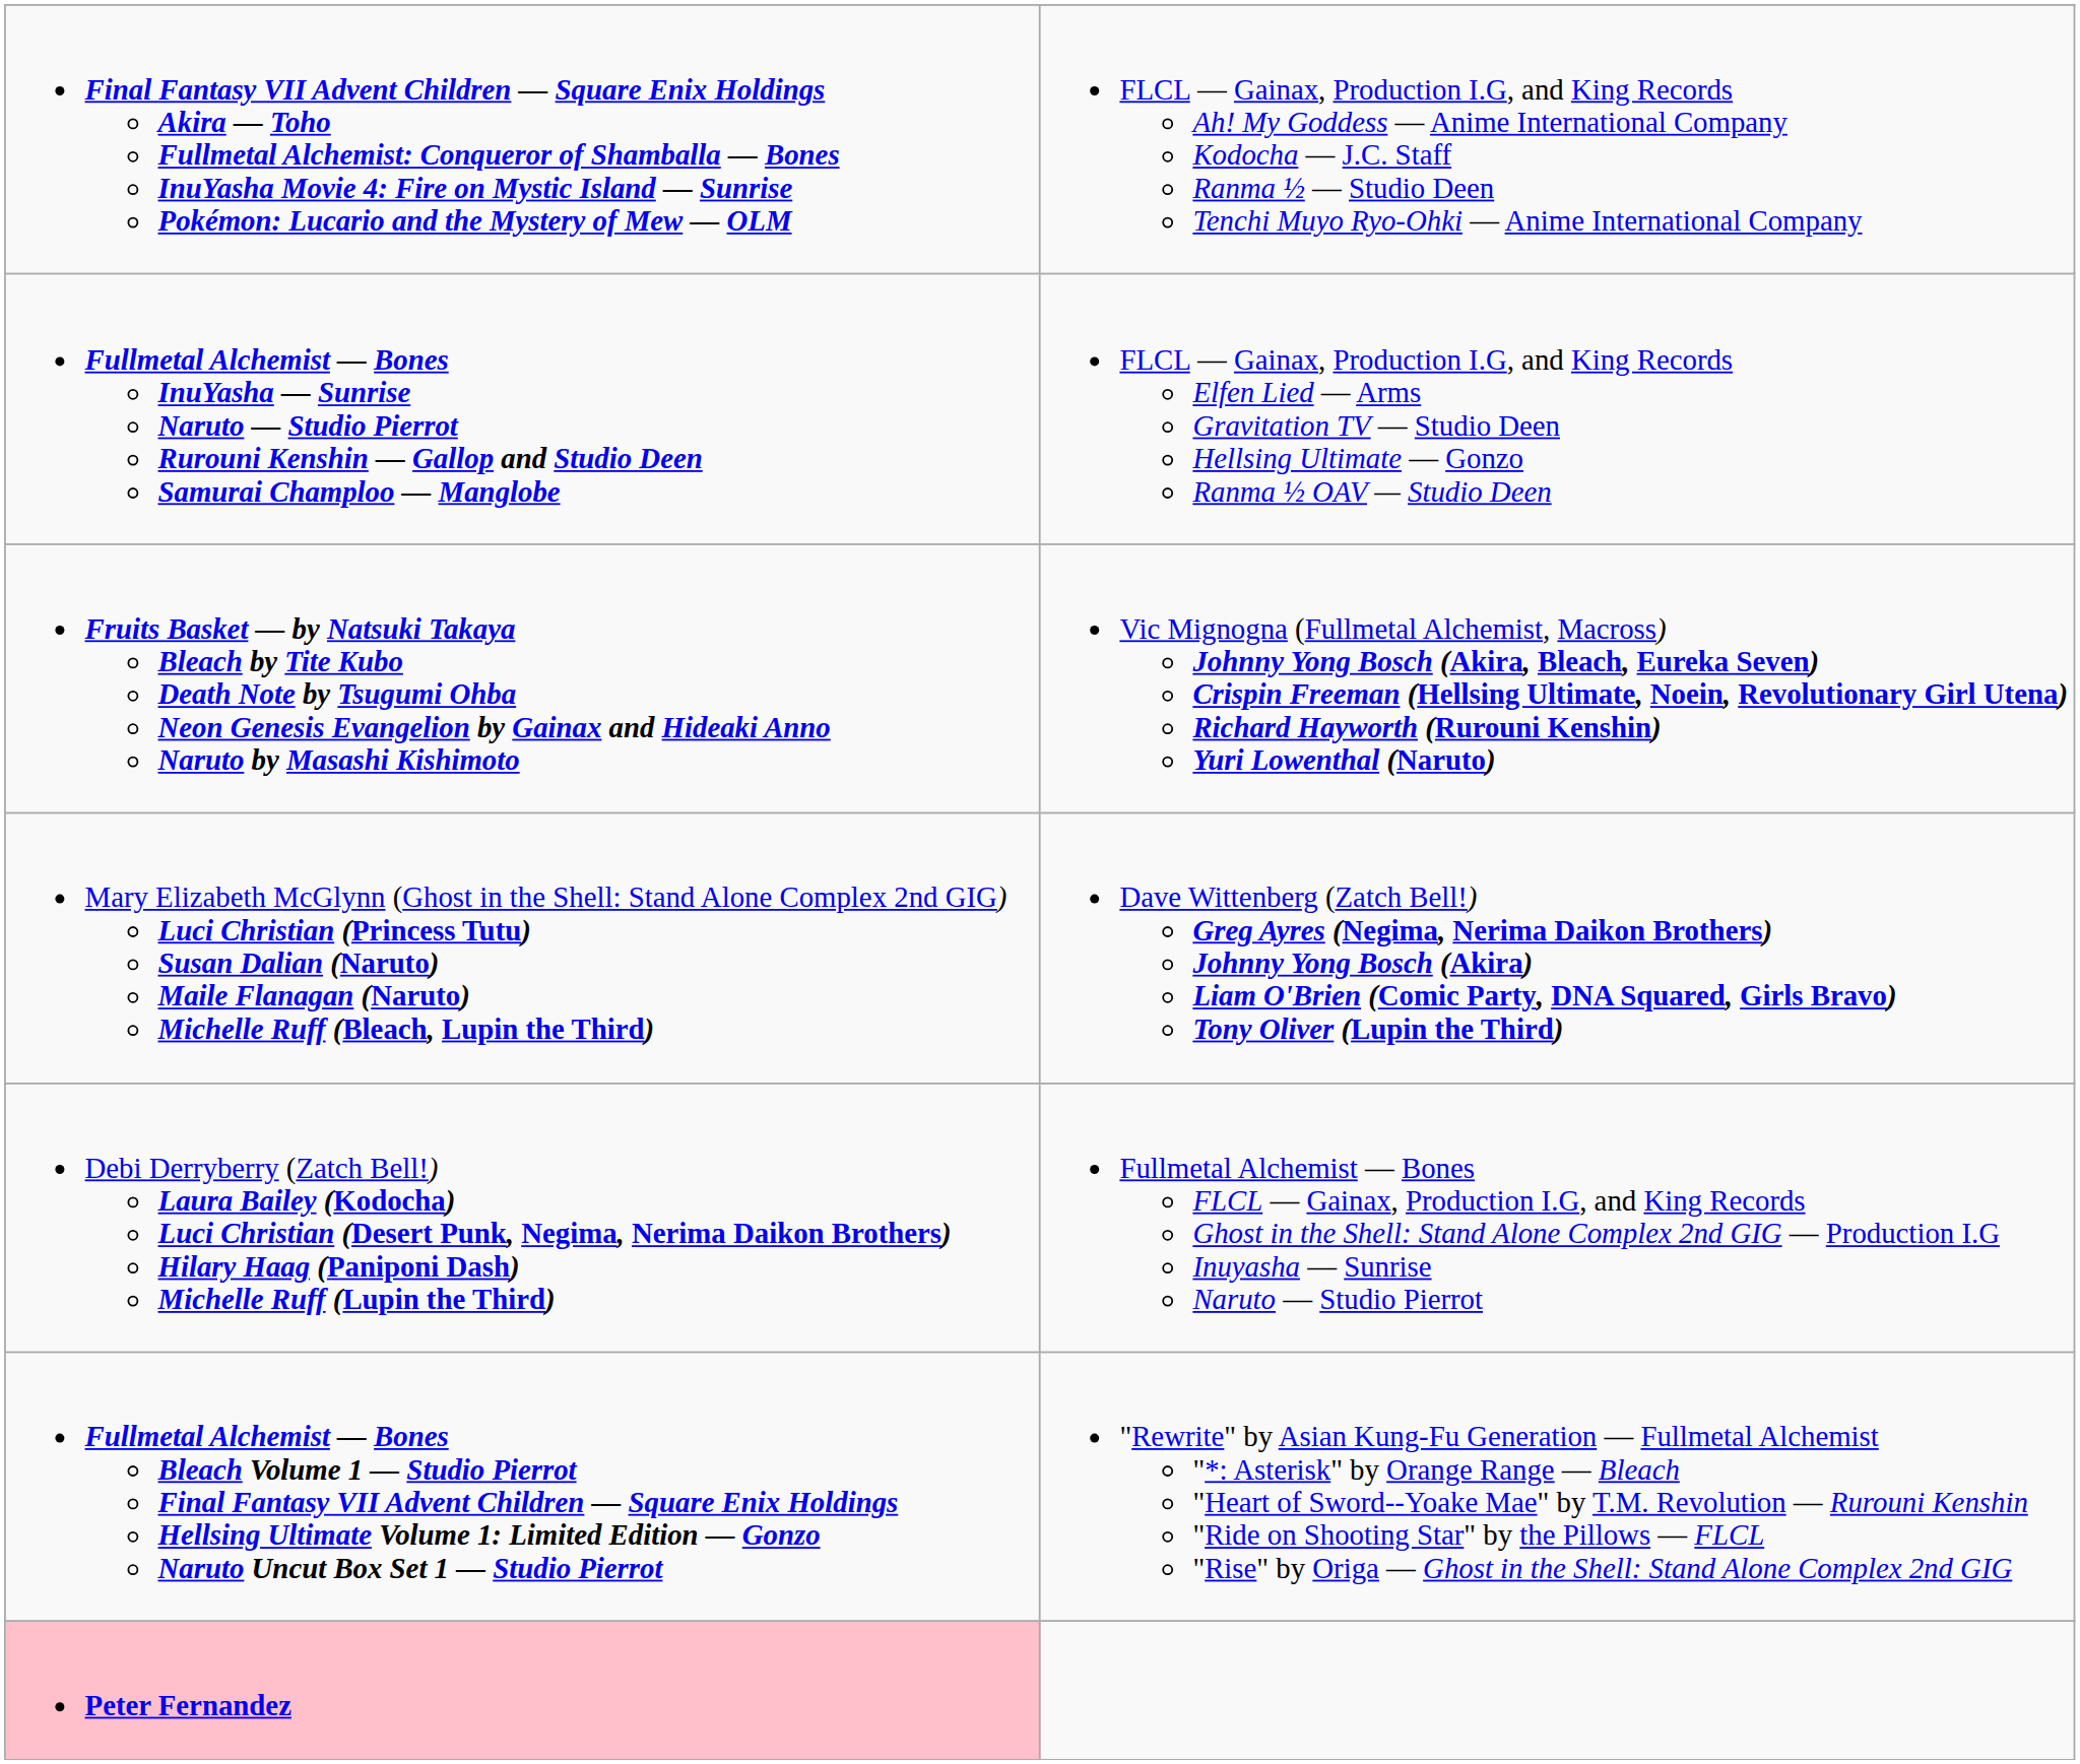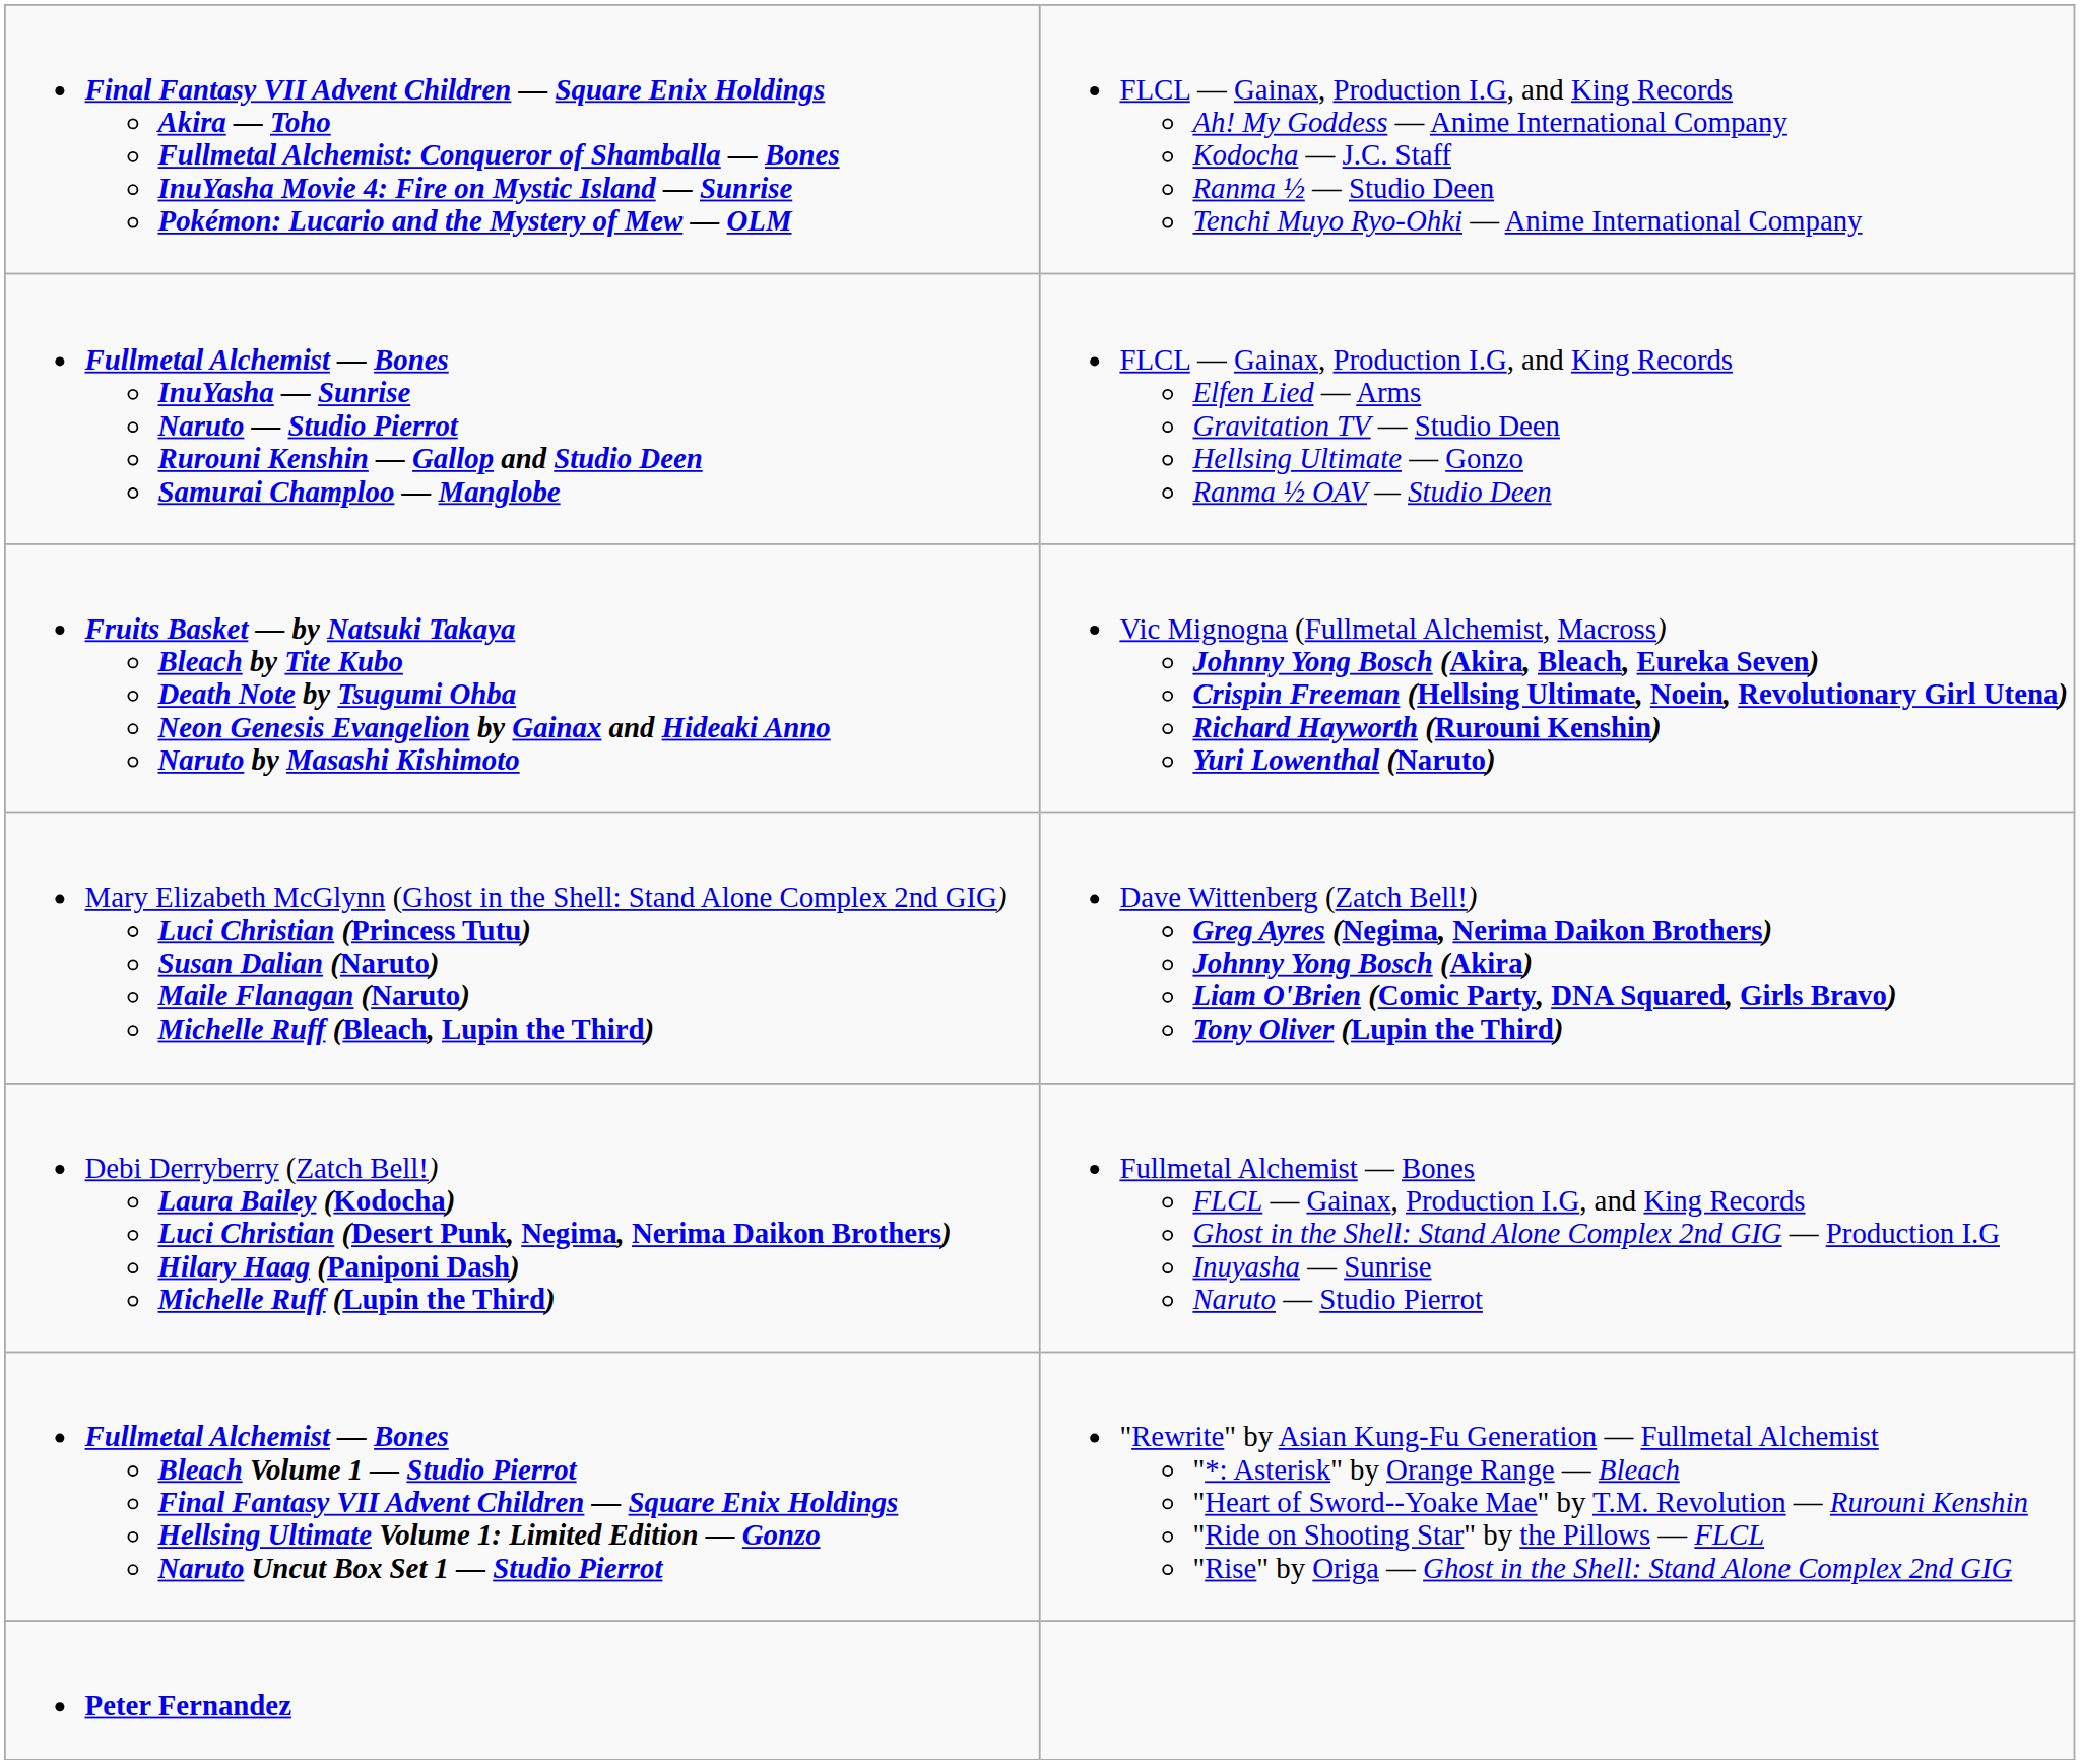 <table class="wikitable">
 <tr>
 <td style="vertical-align:top; width:50%;"><br><ul><li><strong><em><a href='#'>Final Fantasy VII Advent Children</a> <em> — <a href='#'>Square Enix Holdings</a><strong><ul><li></em><a href='#'>Akira</a><em> — <a href='#'>Toho</a></li><li></em><a href='#'>Fullmetal Alchemist: Conqueror of Shamballa</a><em> — <a href='#'>Bones</a></li><li></em><a href='#'>InuYasha Movie 4: Fire on Mystic Island</a><em> — <a href='#'>Sunrise</a></li><li></em><a href='#'>Pokémon: Lucario and the Mystery of Mew</a><em> — <a href='#'>OLM</a></li></ul></li></ul></td>
 <td style="vertical-align:top; width:50%;"><br><ul><li></em></strong><a href='#'>FLCL</a> </em> — <a href='#'>Gainax</a>, <a href='#'>Production I.G</a>, and <a href='#'>King Records</a></strong><ul><li><em><a href='#'>Ah! My Goddess</a></em> — <a href='#'>Anime International Company</a></li><li><em><a href='#'>Kodocha</a></em> — <a href='#'>J.C. Staff</a></li><li><em><a href='#'>Ranma ½</a></em> — <a href='#'>Studio Deen</a></li><li><em><a href='#'>Tenchi Muyo Ryo-Ohki</a></em> — <a href='#'>Anime International Company</a></li></ul></li></ul></td>
 </tr>
 <tr>
 <td style="vertical-align:top; width:50%;"><br><ul><li><strong><em><a href='#'>Fullmetal Alchemist</a><em> — <a href='#'>Bones</a><strong><ul><li></em><a href='#'>InuYasha</a><em> — <a href='#'>Sunrise</a></li><li></em><a href='#'>Naruto</a><em> — <a href='#'>Studio Pierrot</a></li><li></em><a href='#'>Rurouni Kenshin</a><em> — <a href='#'>Gallop</a> and <a href='#'>Studio Deen</a></li><li></em><a href='#'>Samurai Champloo</a><em> — <a href='#'>Manglobe</a></li></ul></li></ul></td>
 <td style="vertical-align:top; width:50%;"><br><ul><li></em></strong><a href='#'>FLCL</a></em> — <a href='#'>Gainax</a>, <a href='#'>Production I.G</a>, and <a href='#'>King Records</a></strong><ul><li><em><a href='#'>Elfen Lied</a></em> — <a href='#'>Arms</a></li><li><em><a href='#'>Gravitation TV</a></em> — <a href='#'>Studio Deen</a></li><li><em><a href='#'>Hellsing Ultimate</a></em> — <a href='#'>Gonzo</a></li><li><em><a href='#'>Ranma ½ OAV</a> — <a href='#'>Studio Deen</a></em></li></ul></li></ul></td>
 </tr>
 <tr>
 <td style="vertical-align:top; width:50%;"><br><ul><li><strong><em><a href='#'>Fruits Basket</a><em> — by <a href='#'>Natsuki Takaya</a><strong><ul><li></em><a href='#'>Bleach</a><em> by <a href='#'>Tite Kubo</a></li><li></em><a href='#'>Death Note</a><em> by <a href='#'>Tsugumi Ohba</a></li><li></em><a href='#'>Neon Genesis Evangelion</a><em> by <a href='#'>Gainax</a> and <a href='#'>Hideaki Anno</a></li><li></em><a href='#'>Naruto</a><em> by <a href='#'>Masashi Kishimoto</a></li></ul></li></ul></td>
 <td style="vertical-align:top; width:50%;"><br><ul><li></strong><a href='#'>Vic Mignogna</a> (</em><a href='#'>Fullmetal Alchemist</a><em>, </em><a href='#'>Macross</a><em>)<strong><ul><li><a href='#'>Johnny Yong Bosch</a> (</em><a href='#'>Akira</a><em>, </em><a href='#'>Bleach</a><em>, </em><a href='#'>Eureka Seven</a><em>)</li><li><a href='#'>Crispin Freeman</a> (</em><a href='#'>Hellsing Ultimate</a><em>, </em><a href='#'>Noein</a><em>, </em><a href='#'>Revolutionary Girl Utena</a><em>)</li><li><a href='#'>Richard Hayworth</a> (</em><a href='#'>Rurouni Kenshin</a><em>)</li><li><a href='#'>Yuri Lowenthal</a> (</em><a href='#'>Naruto</a><em>)</li></ul></li></ul></td>
 </tr>
 <tr>
 <td style="vertical-align:top; width:50%;"><br><ul><li></strong><a href='#'>Mary Elizabeth McGlynn</a> (</em><a href='#'>Ghost in the Shell: Stand Alone Complex 2nd GIG</a><em>)<strong><ul><li><a href='#'>Luci Christian</a> (</em><a href='#'>Princess Tutu</a><em>)</li><li><a href='#'>Susan Dalian</a> (</em><a href='#'>Naruto</a><em>)</li><li><a href='#'>Maile Flanagan</a> (</em><a href='#'>Naruto</a><em>)</li><li><a href='#'>Michelle Ruff</a> (</em><a href='#'>Bleach</a><em>, </em><a href='#'>Lupin the Third</a><em>)</li></ul></li></ul></td>
 <td style="vertical-align:top; width:50%;"><br><ul><li></strong><a href='#'>Dave Wittenberg</a> (</em><a href='#'>Zatch Bell!</a><em>)<strong><ul><li><a href='#'>Greg Ayres</a> (</em><a href='#'>Negima</a><em>, </em><a href='#'>Nerima Daikon Brothers</a><em>)</li><li><a href='#'>Johnny Yong Bosch</a> (</em><a href='#'>Akira</a><em>)</li><li><a href='#'>Liam O'Brien</a> (</em><a href='#'>Comic Party</a><em>, </em><a href='#'>DNA Squared</a><em>, </em><a href='#'>Girls Bravo</a><em>)</li><li><a href='#'>Tony Oliver</a> (</em><a href='#'>Lupin the Third</a><em>)</li></ul></li></ul></td>
 </tr>
 <tr>
 <td style="vertical-align:top; width:50%;"><br><ul><li></strong><a href='#'>Debi Derryberry</a> (</em><a href='#'>Zatch Bell!</a><em>)<strong><ul><li><a href='#'>Laura Bailey</a> (</em><a href='#'>Kodocha</a><em>)</li><li><a href='#'>Luci Christian</a> (</em><a href='#'>Desert Punk</a><em>, </em><a href='#'>Negima</a><em>, </em><a href='#'>Nerima Daikon Brothers</a><em>)</li><li><a href='#'>Hilary Haag</a> (</em><a href='#'>Paniponi Dash</a><em>)</li><li><a href='#'>Michelle Ruff</a> (</em><a href='#'>Lupin the Third</a><em>)</li></ul></li></ul></td>
 <td style="vertical-align:top; width:50%;"><br><ul><li></em></strong><a href='#'>Fullmetal Alchemist</a></em> — <a href='#'>Bones</a></strong><ul><li><em><a href='#'>FLCL</a></em> — <a href='#'>Gainax</a>, <a href='#'>Production I.G</a>, and <a href='#'>King Records</a></li><li><em><a href='#'>Ghost in the Shell: Stand Alone Complex 2nd GIG</a></em> — <a href='#'>Production I.G</a></li><li><em><a href='#'>Inuyasha</a></em> — <a href='#'>Sunrise</a></li><li><em><a href='#'>Naruto</a></em> — <a href='#'>Studio Pierrot</a></li></ul></li></ul></td>
 </tr>
 <tr>
 <td style="vertical-align:top; width:50%;"><br><ul><li><strong><em><a href='#'>Fullmetal Alchemist</a><em> — <a href='#'>Bones</a><strong><ul><li></em><a href='#'>Bleach</a><em> Volume 1 — <a href='#'>Studio Pierrot</a></li><li></em><a href='#'>Final Fantasy VII Advent Children</a><em> — <a href='#'>Square Enix Holdings</a></li><li></em><a href='#'>Hellsing Ultimate</a><em> Volume 1: Limited Edition — <a href='#'>Gonzo</a></li><li></em><a href='#'>Naruto</a><em> Uncut Box Set 1 — <a href='#'>Studio Pierrot</a></li></ul></li></ul></td>
 <td style="vertical-align:top; width:50%;"><br><ul><li></strong>"<a href='#'>Rewrite</a>" by <a href='#'>Asian Kung-Fu Generation</a>  —  </em><a href='#'>Fullmetal Alchemist</a></em></strong><ul><li>"<a href='#'>*: Asterisk</a>" by <a href='#'>Orange Range</a>  —  <em><a href='#'>Bleach</a></em></li><li>"<a href='#'>Heart of Sword--Yoake Mae</a>" by <a href='#'>T.M. Revolution</a>  —  <em><a href='#'>Rurouni Kenshin</a></em></li><li>"<a href='#'>Ride on Shooting Star</a>" by <a href='#'>the Pillows</a>  —  <em><a href='#'>FLCL</a></em></li><li>"<a href='#'>Rise</a>" by <a href='#'>Origa</a>  —  <em><a href='#'>Ghost in the Shell: Stand Alone Complex 2nd GIG</a></em></li></ul></li></ul></td>
 </tr>
 <tr>
-<td style="background: pink; vertical-align:top; width:50%;"><br><ul><li><strong><a href='#'>Peter Fernandez</a></strong></li></ul></td>
+<td style="vertical-align:top; width:50%;"><br><ul><li><strong><a href='#'>Peter Fernandez</a></strong></li></ul></td>
 </tr>
 <tr>
 </tr>
 </table>
